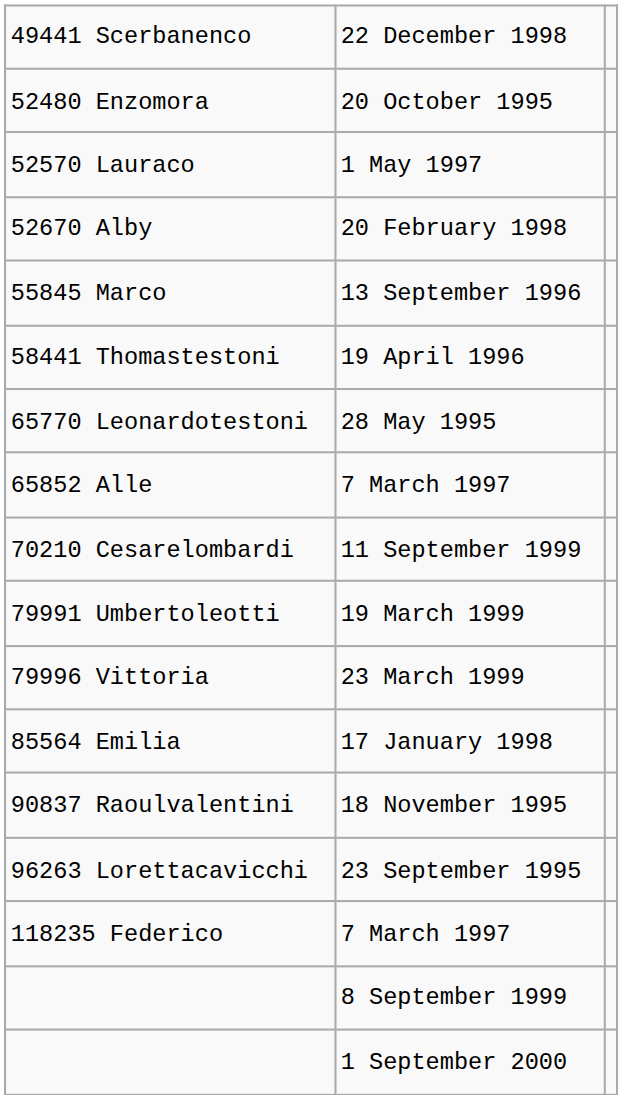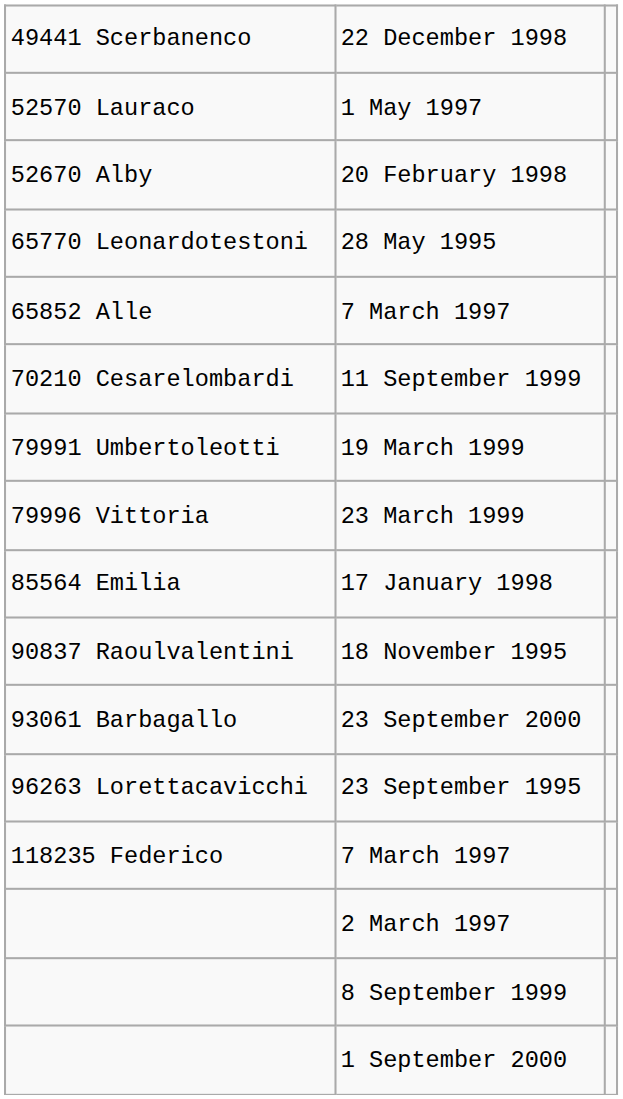 <table class="wikitable" style="font-size: 89%; float: left; width: 26em; margin-right: 1em; height: 535px;">
 <tr>
 <td>49441 Scerbanenco</td>
 <td>22 December 1998</td>
-<td></td>
-</tr>
-<tr>
-<td>52480 Enzomora</td>
-<td>20 October 1995</td>
 <td></td>
 </tr>
 <tr>
 <td>52570 Lauraco</td>
 <td>1 May 1997</td>
 <td></td>
 </tr>
 <tr>
 <td>52670 Alby</td>
 <td>20 February 1998</td>
-<td></td>
-</tr>
-<tr>
-<td>55845 Marco</td>
-<td>13 September 1996</td>
-<td></td>
-</tr>
-<tr>
-<td>58441 Thomastestoni</td>
-<td>19 April 1996</td>
 <td></td>
 </tr>
 <tr>
 <td>65770 Leonardotestoni</td>
 <td>28 May 1995</td>
 <td></td>
 </tr>
 <tr>
 <td>65852 Alle</td>
 <td>7 March 1997</td>
 <td></td>
 </tr>
 <tr>
 <td>70210 Cesarelombardi</td>
 <td>11 September 1999</td>
 <td></td>
 </tr>
 <tr>
 <td>79991 Umbertoleotti</td>
 <td>19 March 1999</td>
 <td></td>
 </tr>
 <tr>
 <td>79996 Vittoria</td>
 <td>23 March 1999</td>
 <td></td>
 </tr>
 <tr>
 <td>85564 Emilia</td>
 <td>17 January 1998</td>
 <td></td>
 </tr>
 <tr>
 <td>90837 Raoulvalentini</td>
 <td>18 November 1995</td>
 <td></td>
 </tr>
 <tr>
+<td>93061 Barbagallo</td>
+<td>23 September 2000</td>
+<td></td>
+</tr>
+<tr>
 <td>96263 Lorettacavicchi</td>
 <td>23 September 1995</td>
 <td></td>
 </tr>
 <tr>
 <td>118235 Federico</td>
 <td>7 March 1997</td>
+<td></td>
+</tr>
+<tr>
+<td></td>
+<td>2 March 1997</td>
 <td></td>
 </tr>
 <tr>
 <td></td>
 <td>8 September 1999</td>
 <td></td>
 </tr>
 <tr>
 <td></td>
 <td>1 September 2000</td>
 <td></td>
 </tr>
 </table>
